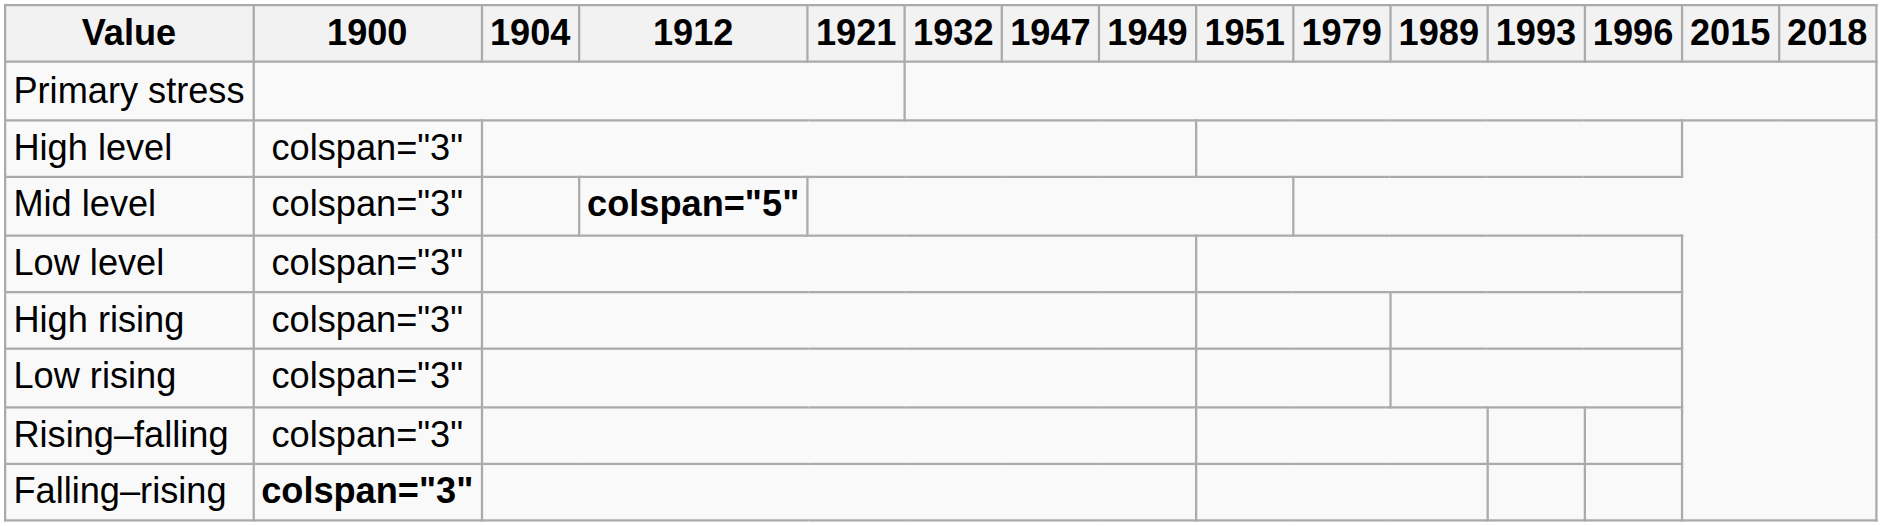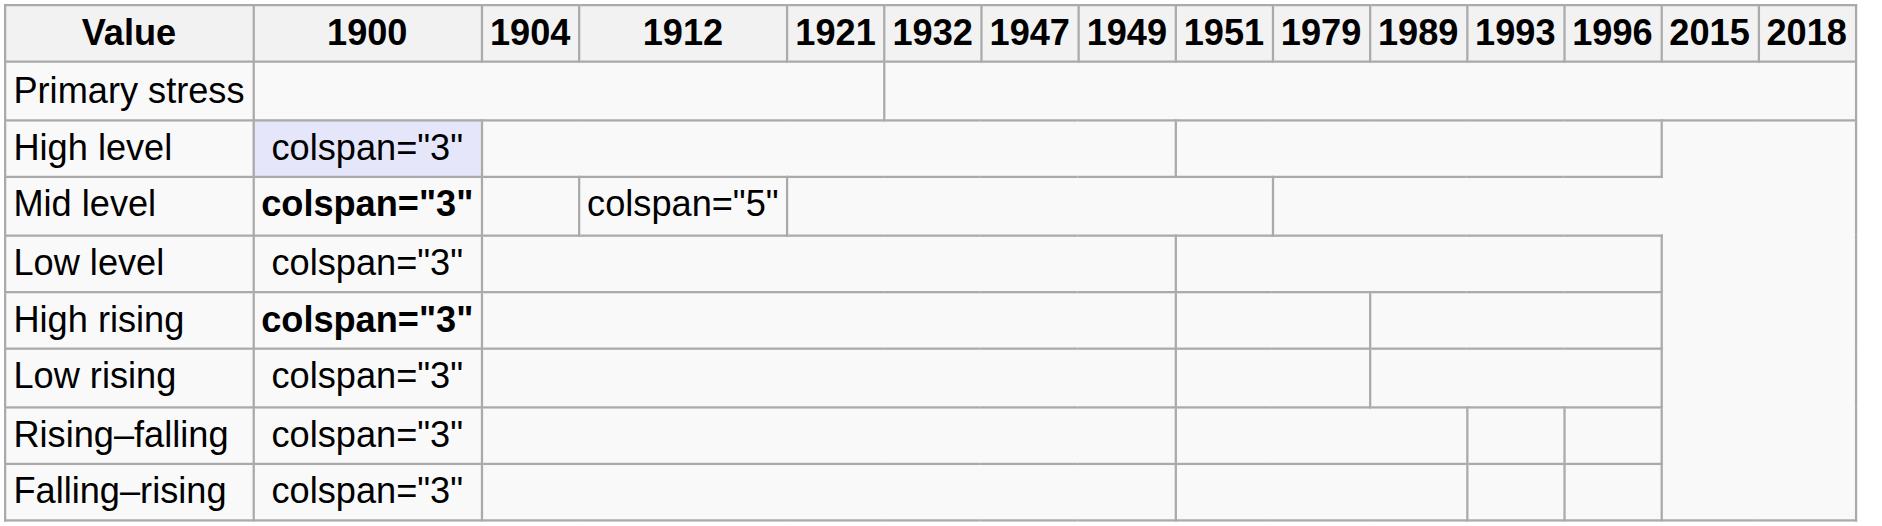 <table class="wikitable" style="text-align: center;">
 <tr>
 <th>Value</th>
 <th>1900</th>
 <th>1904</th>
 <th>1912</th>
 <th>1921</th>
 <th>1932</th>
 <th>1947</th>
 <th>1949</th>
 <th>1951</th>
 <th>1979</th>
 <th>1989</th>
 <th>1993</th>
 <th>1996</th>
 <th>2015</th>
 <th>2018</th>
 </tr>
 <tr>
 <td style="text-align: left;">Primary stress</td>
 <td colspan="4"></td>
 <td colspan="10"></td>
 </tr>
 <tr>
 <td style="text-align: left;">High level</td>
-<td>colspan="3" </td>
+<td style="background: lavender;">colspan="3" </td>
 <td colspan="6"></td>
 <td colspan="5"></td>
 </tr>
 <tr>
 <td style="text-align: left;">Mid level</td>
-<td>colspan="3" </td>
+<td><strong>colspan="3" </strong></td>
 <td></td>
-<td><strong>colspan="5" </strong></td>
+<td>colspan="5" </td>
 <td colspan="5"></td>
 </tr>
 <tr>
 <td style="text-align: left;">Low level</td>
 <td>colspan="3" </td>
 <td colspan="6"></td>
 <td colspan="5"></td>
 </tr>
 <tr>
 <td style="text-align: left;">High rising</td>
-<td>colspan="3" </td>
+<td><strong>colspan="3" </strong></td>
 <td colspan="6"></td>
 <td colspan="2"></td>
 <td colspan="3"></td>
 </tr>
 <tr>
 <td style="text-align: left;">Low rising</td>
 <td>colspan="3" </td>
 <td colspan="6"></td>
 <td colspan="2"></td>
 <td colspan="3"></td>
 </tr>
 <tr>
 <td style="text-align: left;">Rising–falling</td>
 <td>colspan="3" </td>
 <td colspan="6"></td>
 <td colspan="3"></td>
 <td></td>
 <td></td>
 </tr>
 <tr>
 <td style="text-align: left;">Falling–rising</td>
-<td><strong>colspan="3" </strong></td>
+<td>colspan="3" </td>
 <td colspan="6"></td>
 <td colspan="3"></td>
 <td></td>
 <td></td>
 </tr>
 </table>
